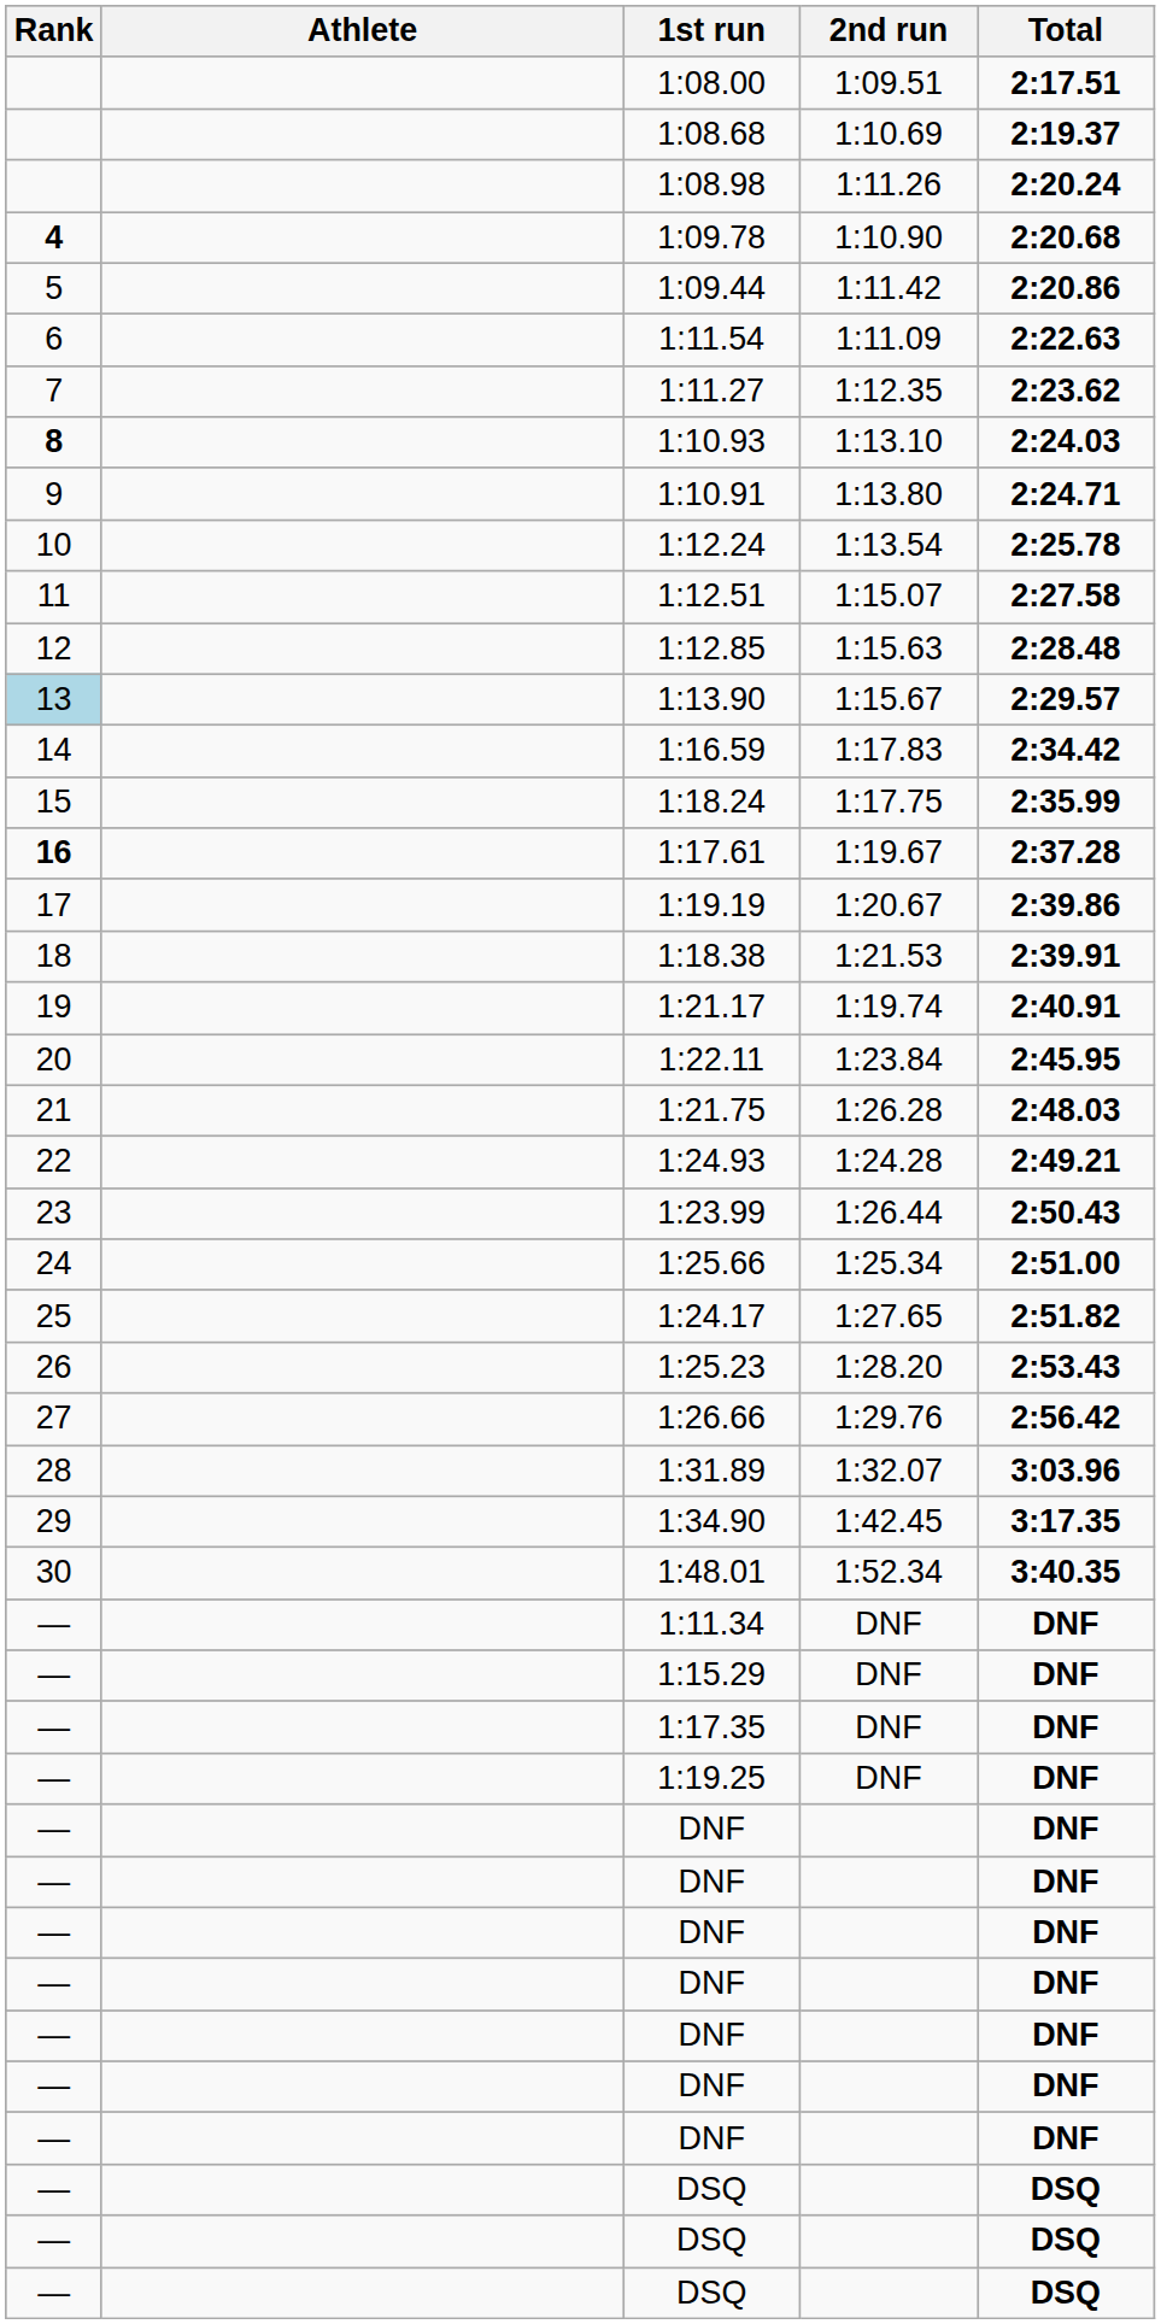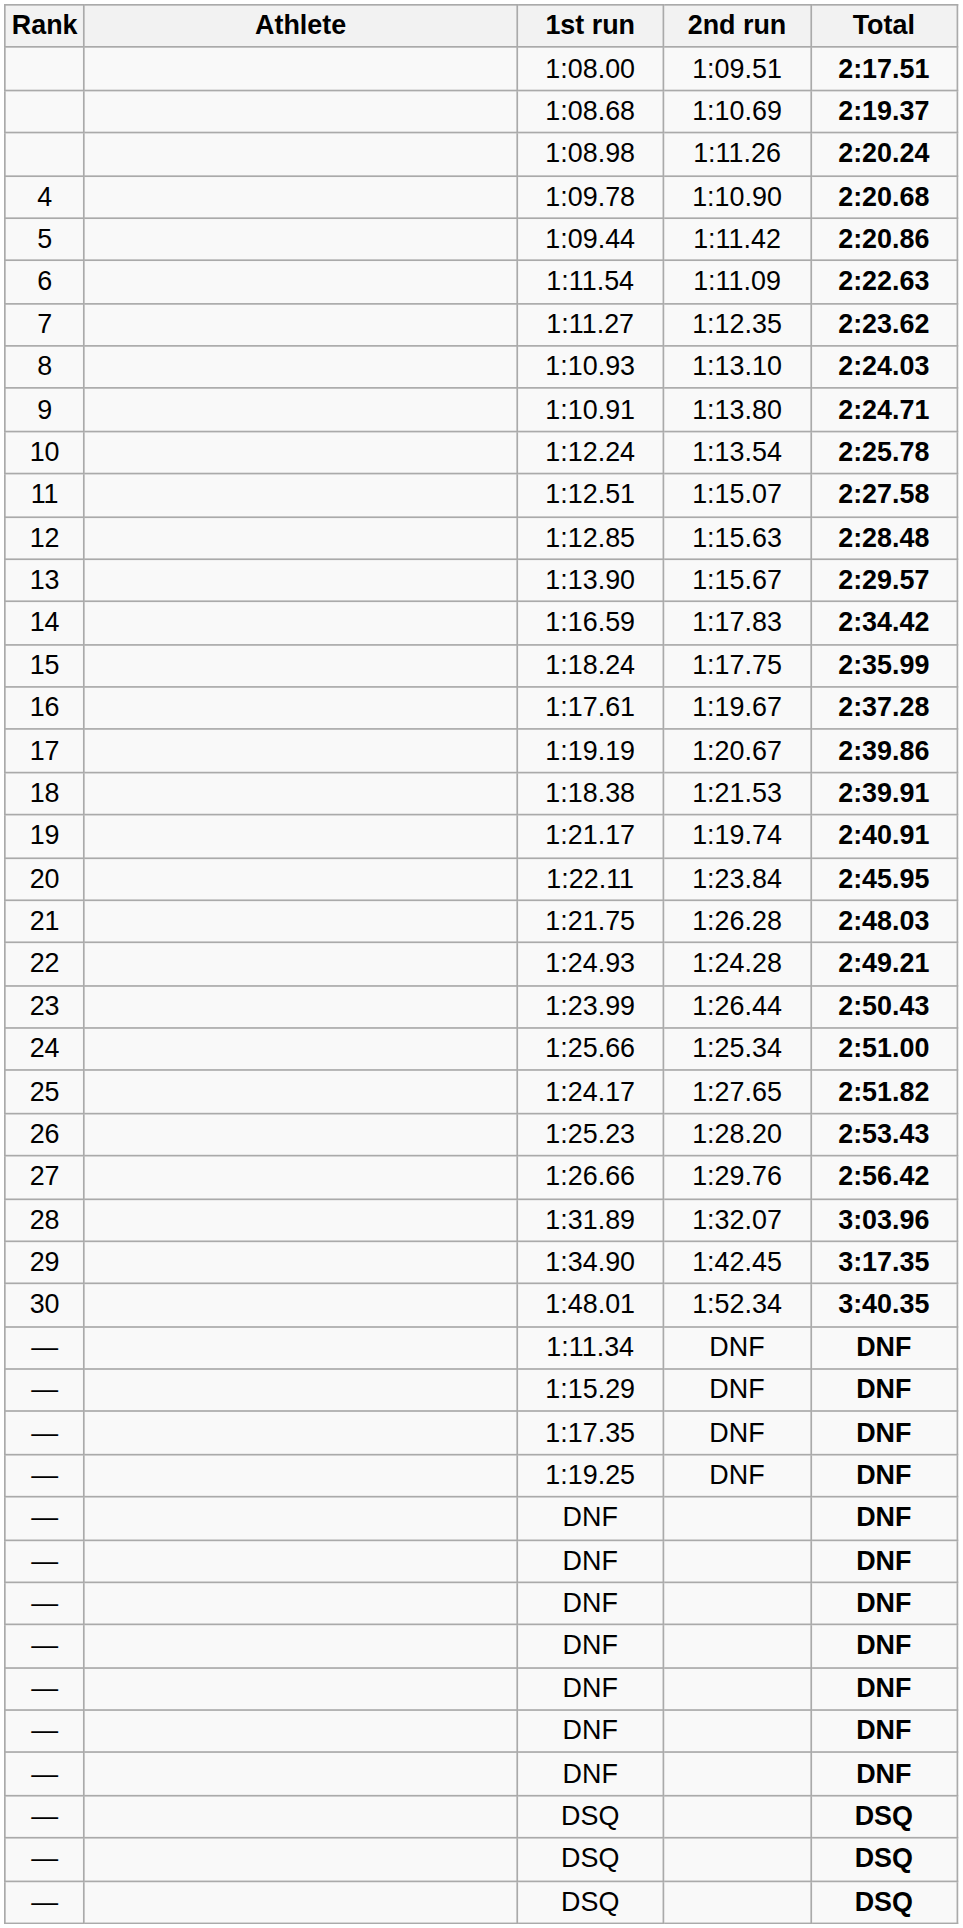 <table class=wikitable style="text-align:center">
 <tr>
 <th width=40>Rank</th>
 <th width=250>Athlete</th>
 <th width=80>1st run</th>
 <th width=80>2nd run</th>
 <th width=80>Total</th>
 </tr>
 <tr>
 <td></td>
 <td align=left></td>
 <td>1:08.00</td>
 <td>1:09.51</td>
 <td><strong>2:17.51</strong></td>
 </tr>
 <tr>
 <td></td>
 <td align=left></td>
 <td>1:08.68</td>
 <td>1:10.69</td>
 <td><strong>2:19.37</strong></td>
 </tr>
 <tr>
 <td></td>
 <td align=left></td>
 <td>1:08.98</td>
 <td>1:11.26</td>
 <td><strong>2:20.24</strong></td>
 </tr>
 <tr>
-<td><strong>4</strong></td>
+<td>4</td>
 <td align=left></td>
 <td>1:09.78</td>
 <td>1:10.90</td>
 <td><strong>2:20.68</strong></td>
 </tr>
 <tr>
 <td>5</td>
 <td align=left></td>
 <td>1:09.44</td>
 <td>1:11.42</td>
 <td><strong>2:20.86</strong></td>
 </tr>
 <tr>
 <td>6</td>
 <td align=left></td>
 <td>1:11.54</td>
 <td>1:11.09</td>
 <td><strong>2:22.63</strong></td>
 </tr>
 <tr>
 <td>7</td>
 <td align=left></td>
 <td>1:11.27</td>
 <td>1:12.35</td>
 <td><strong>2:23.62</strong></td>
 </tr>
 <tr>
-<td><strong>8</strong></td>
+<td>8</td>
 <td align=left></td>
 <td>1:10.93</td>
 <td>1:13.10</td>
 <td><strong>2:24.03</strong></td>
 </tr>
 <tr>
 <td>9</td>
 <td align=left></td>
 <td>1:10.91</td>
 <td>1:13.80</td>
 <td><strong>2:24.71</strong></td>
 </tr>
 <tr>
 <td>10</td>
 <td align=left></td>
 <td>1:12.24</td>
 <td>1:13.54</td>
 <td><strong>2:25.78</strong></td>
 </tr>
 <tr>
 <td>11</td>
 <td align=left></td>
 <td>1:12.51</td>
 <td>1:15.07</td>
 <td><strong>2:27.58</strong></td>
 </tr>
 <tr>
 <td>12</td>
 <td align=left></td>
 <td>1:12.85</td>
 <td>1:15.63</td>
 <td><strong>2:28.48</strong></td>
 </tr>
 <tr>
-<td style="background: lightblue;">13</td>
+<td>13</td>
 <td align=left></td>
 <td>1:13.90</td>
 <td>1:15.67</td>
 <td><strong>2:29.57</strong></td>
 </tr>
 <tr>
 <td>14</td>
 <td align=left></td>
 <td>1:16.59</td>
 <td>1:17.83</td>
 <td><strong>2:34.42</strong></td>
 </tr>
 <tr>
 <td>15</td>
 <td align=left></td>
 <td>1:18.24</td>
 <td>1:17.75</td>
 <td><strong>2:35.99</strong></td>
 </tr>
 <tr>
-<td><strong>16</strong></td>
+<td>16</td>
 <td align=left></td>
 <td>1:17.61</td>
 <td>1:19.67</td>
 <td><strong>2:37.28</strong></td>
 </tr>
 <tr>
 <td>17</td>
 <td align=left></td>
 <td>1:19.19</td>
 <td>1:20.67</td>
 <td><strong>2:39.86</strong></td>
 </tr>
 <tr>
 <td>18</td>
 <td align=left></td>
 <td>1:18.38</td>
 <td>1:21.53</td>
 <td><strong>2:39.91</strong></td>
 </tr>
 <tr>
 <td>19</td>
 <td align=left></td>
 <td>1:21.17</td>
 <td>1:19.74</td>
 <td><strong>2:40.91</strong></td>
 </tr>
 <tr>
 <td>20</td>
 <td align=left></td>
 <td>1:22.11</td>
 <td>1:23.84</td>
 <td><strong>2:45.95</strong></td>
 </tr>
 <tr>
 <td>21</td>
 <td align=left></td>
 <td>1:21.75</td>
 <td>1:26.28</td>
 <td><strong>2:48.03</strong></td>
 </tr>
 <tr>
 <td>22</td>
 <td align=left></td>
 <td>1:24.93</td>
 <td>1:24.28</td>
 <td><strong>2:49.21</strong></td>
 </tr>
 <tr>
 <td>23</td>
 <td align=left></td>
 <td>1:23.99</td>
 <td>1:26.44</td>
 <td><strong>2:50.43</strong></td>
 </tr>
 <tr>
 <td>24</td>
 <td align=left></td>
 <td>1:25.66</td>
 <td>1:25.34</td>
 <td><strong>2:51.00</strong></td>
 </tr>
 <tr>
 <td>25</td>
 <td align=left></td>
 <td>1:24.17</td>
 <td>1:27.65</td>
 <td><strong>2:51.82</strong></td>
 </tr>
 <tr>
 <td>26</td>
 <td align=left></td>
 <td>1:25.23</td>
 <td>1:28.20</td>
 <td><strong>2:53.43</strong></td>
 </tr>
 <tr>
 <td>27</td>
 <td align=left></td>
 <td>1:26.66</td>
 <td>1:29.76</td>
 <td><strong>2:56.42</strong></td>
 </tr>
 <tr>
 <td>28</td>
 <td align=left></td>
 <td>1:31.89</td>
 <td>1:32.07</td>
 <td><strong>3:03.96</strong></td>
 </tr>
 <tr>
 <td>29</td>
 <td align=left></td>
 <td>1:34.90</td>
 <td>1:42.45</td>
 <td><strong>3:17.35</strong></td>
 </tr>
 <tr>
 <td>30</td>
 <td align=left></td>
 <td>1:48.01</td>
 <td>1:52.34</td>
 <td><strong>3:40.35</strong></td>
 </tr>
 <tr>
 <td>—</td>
 <td align=left></td>
 <td>1:11.34</td>
 <td>DNF</td>
 <td><strong>DNF</strong></td>
 </tr>
 <tr>
 <td>—</td>
 <td align=left></td>
 <td>1:15.29</td>
 <td>DNF</td>
 <td><strong>DNF</strong></td>
 </tr>
 <tr>
 <td>—</td>
 <td align=left></td>
 <td>1:17.35</td>
 <td>DNF</td>
 <td><strong>DNF</strong></td>
 </tr>
 <tr>
 <td>—</td>
 <td align=left></td>
 <td>1:19.25</td>
 <td>DNF</td>
 <td><strong>DNF</strong></td>
 </tr>
 <tr>
 <td>—</td>
 <td align=left></td>
 <td>DNF</td>
 <td></td>
 <td><strong>DNF</strong></td>
 </tr>
 <tr>
 <td>—</td>
 <td align=left></td>
 <td>DNF</td>
 <td></td>
 <td><strong>DNF</strong></td>
 </tr>
 <tr>
 <td>—</td>
 <td align=left></td>
 <td>DNF</td>
 <td></td>
 <td><strong>DNF</strong></td>
 </tr>
 <tr>
 <td>—</td>
 <td align=left></td>
 <td>DNF</td>
 <td></td>
 <td><strong>DNF</strong></td>
 </tr>
 <tr>
 <td>—</td>
 <td align=left></td>
 <td>DNF</td>
 <td></td>
 <td><strong>DNF</strong></td>
 </tr>
 <tr>
 <td>—</td>
 <td align=left></td>
 <td>DNF</td>
 <td></td>
 <td><strong>DNF</strong></td>
 </tr>
 <tr>
 <td>—</td>
 <td align=left></td>
 <td>DNF</td>
 <td></td>
 <td><strong>DNF</strong></td>
 </tr>
 <tr>
 <td>—</td>
 <td align=left></td>
 <td>DSQ</td>
 <td></td>
 <td><strong>DSQ</strong></td>
 </tr>
 <tr>
 <td>—</td>
 <td align=left></td>
 <td>DSQ</td>
 <td></td>
 <td><strong>DSQ</strong></td>
 </tr>
 <tr>
 <td>—</td>
 <td align=left></td>
 <td>DSQ</td>
 <td></td>
 <td><strong>DSQ</strong></td>
 </tr>
 </table>
